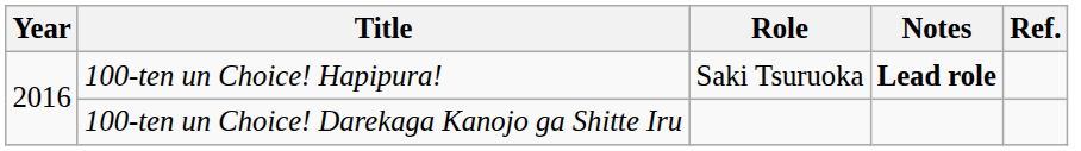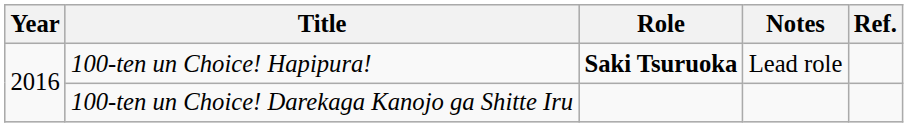 <table class="wikitable">
 <tr>
 <th>Year</th>
 <th>Title</th>
 <th>Role</th>
 <th>Notes</th>
 <th>Ref.</th>
 </tr>
 <tr>
 <td rowspan="2">2016</td>
 <td><em>100-ten un Choice! Hapipura!</em></td>
-<td>Saki Tsuruoka</td>
-<td><strong>Lead role</strong></td>
+<td><strong>Saki Tsuruoka</strong></td>
+<td>Lead role</td>
 <td></td>
 </tr>
 <tr>
 <td><em>100-ten un Choice! Darekaga Kanojo ga Shitte Iru</em></td>
 <td></td>
 <td></td>
 <td></td>
 </tr>
 </table>
